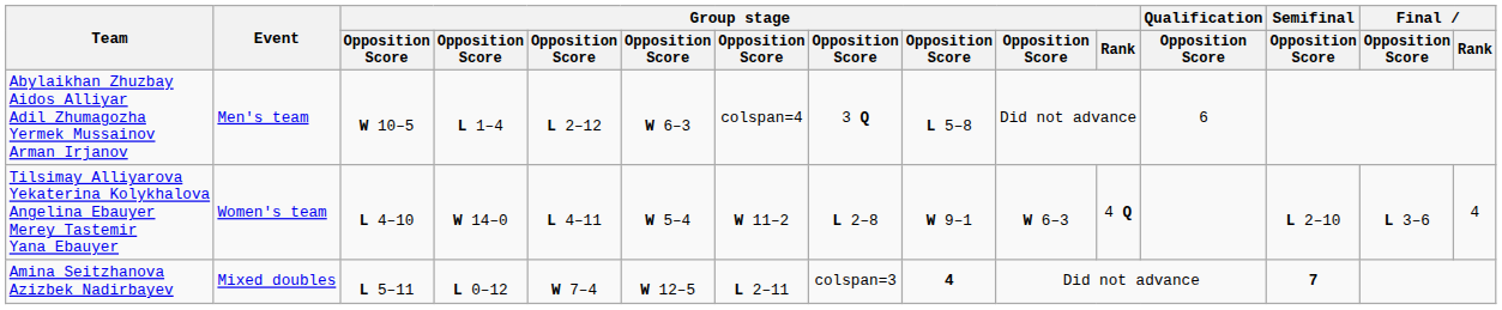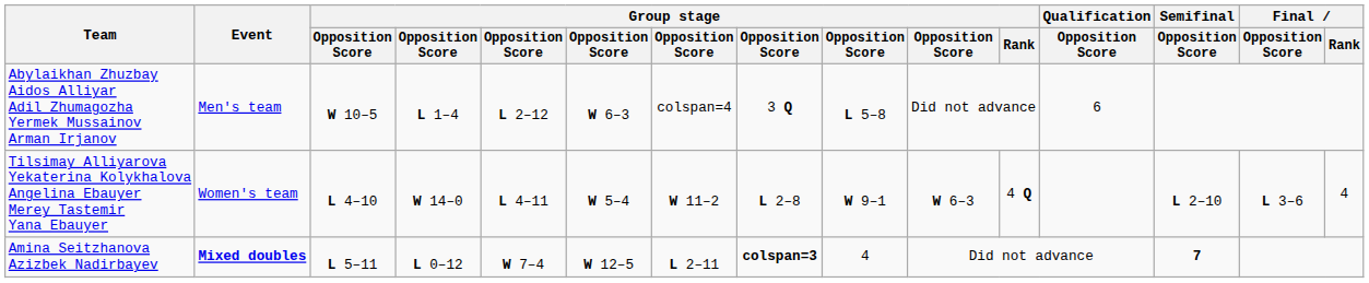 <table class=wikitable style=font-size:80%;text-align:center>
 <tr>
 <th rowspan=2>Team</th>
 <th rowspan=2>Event</th>
 <th colspan=9>Group stage</th>
 <th>Qualification</th>
 <th>Semifinal</th>
 <th colspan=2>Final / </th>
 </tr>
 <tr style=font-size:95%>
 <th>Opposition<br>Score</th>
 <th>Opposition<br>Score</th>
 <th>Opposition<br>Score</th>
 <th>Opposition<br>Score</th>
 <th>Opposition<br>Score</th>
 <th>Opposition<br>Score</th>
 <th>Opposition<br>Score</th>
 <th>Opposition<br>Score</th>
 <th>Rank</th>
 <th>Opposition<br>Score</th>
 <th>Opposition<br>Score</th>
 <th>Opposition<br>Score</th>
 <th>Rank</th>
 </tr>
 <tr>
 <td align=left><a href='#'>Abylaikhan Zhuzbay</a><br><a href='#'>Aidos Alliyar</a><br><a href='#'>Adil Zhumagozha</a><br><a href='#'>Yermek Mussainov</a><br><a href='#'>Arman Irjanov</a></td>
 <td align=left><a href='#'>Men's team</a></td>
 <td><br><strong>W</strong> 10–5</td>
 <td><br><strong>L</strong> 1–4</td>
 <td><br><strong>L</strong> 2–12</td>
 <td><br><strong>W</strong> 6–3</td>
 <td>colspan=4 </td>
 <td>3 <strong>Q</strong></td>
 <td> <br><strong>L</strong> 5–8</td>
 <td colspan=2>Did not advance</td>
 <td>6</td>
 </tr>
 <tr>
 <td align=left><a href='#'>Tilsimay Alliyarova</a><br><a href='#'>Yekaterina Kolykhalova</a><br><a href='#'>Angelina Ebauyer</a><br><a href='#'>Merey Tastemir</a><br><a href='#'>Yana Ebauyer</a></td>
 <td align=left><a href='#'>Women's team</a></td>
 <td><br><strong>L</strong> 4–10</td>
 <td><br><strong>W</strong> 14–0</td>
 <td><br><strong>L</strong> 4–11</td>
 <td><br><strong>W</strong> 5–4</td>
 <td><br><strong>W</strong> 11–2</td>
 <td><br><strong>L</strong> 2–8</td>
 <td><br><strong>W</strong> 9–1</td>
 <td><br><strong>W</strong> 6–3</td>
 <td>4 <strong>Q</strong></td>
 <td></td>
 <td><br> <strong>L</strong> 2–10</td>
 <td><br> <strong>L</strong> 3–6</td>
 <td>4</td>
 </tr>
 <tr>
 <td align=left><a href='#'>Amina Seitzhanova</a><br><a href='#'>Azizbek Nadirbayev</a></td>
-<td align=left><a href='#'>Mixed doubles</a></td>
+<td align=left><strong><a href='#'>Mixed doubles</a></strong></td>
 <td><br><strong>L</strong> 5–11</td>
 <td><br><strong>L</strong> 0–12</td>
 <td><br><strong>W</strong> 7–4</td>
 <td><br><strong>W</strong> 12–5</td>
 <td><br><strong>L</strong> 2–11</td>
-<td>colspan=3 </td>
-<td><strong>4</strong></td>
+<td><strong>colspan=3 </strong></td>
+<td>4</td>
 <td colspan=3>Did not advance</td>
 <td><strong>7</strong></td>
 </tr>
 </table>
